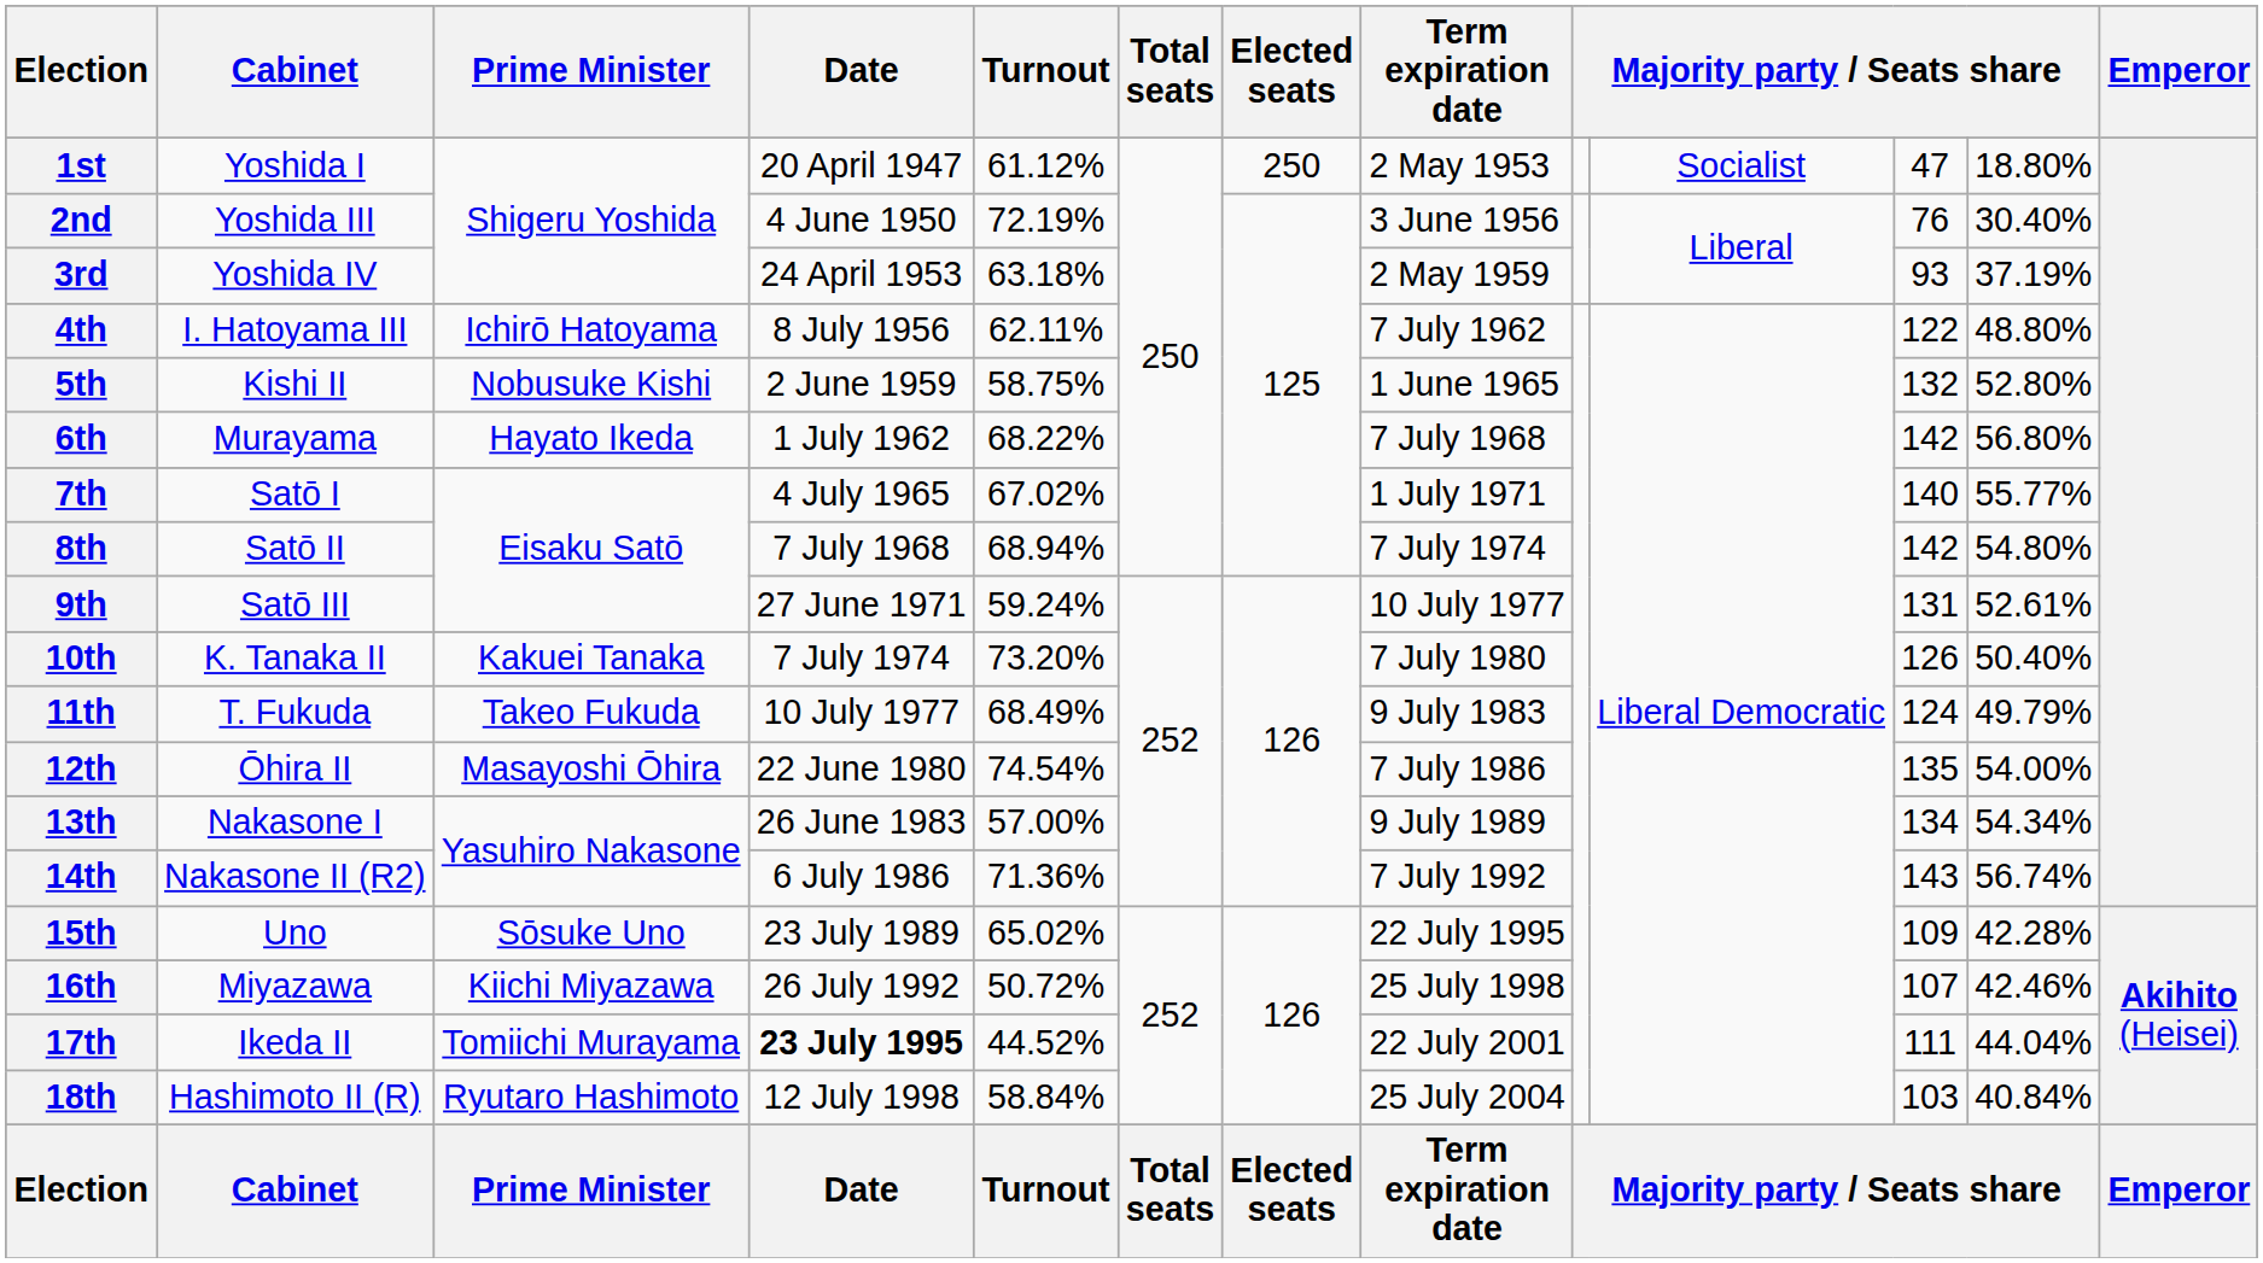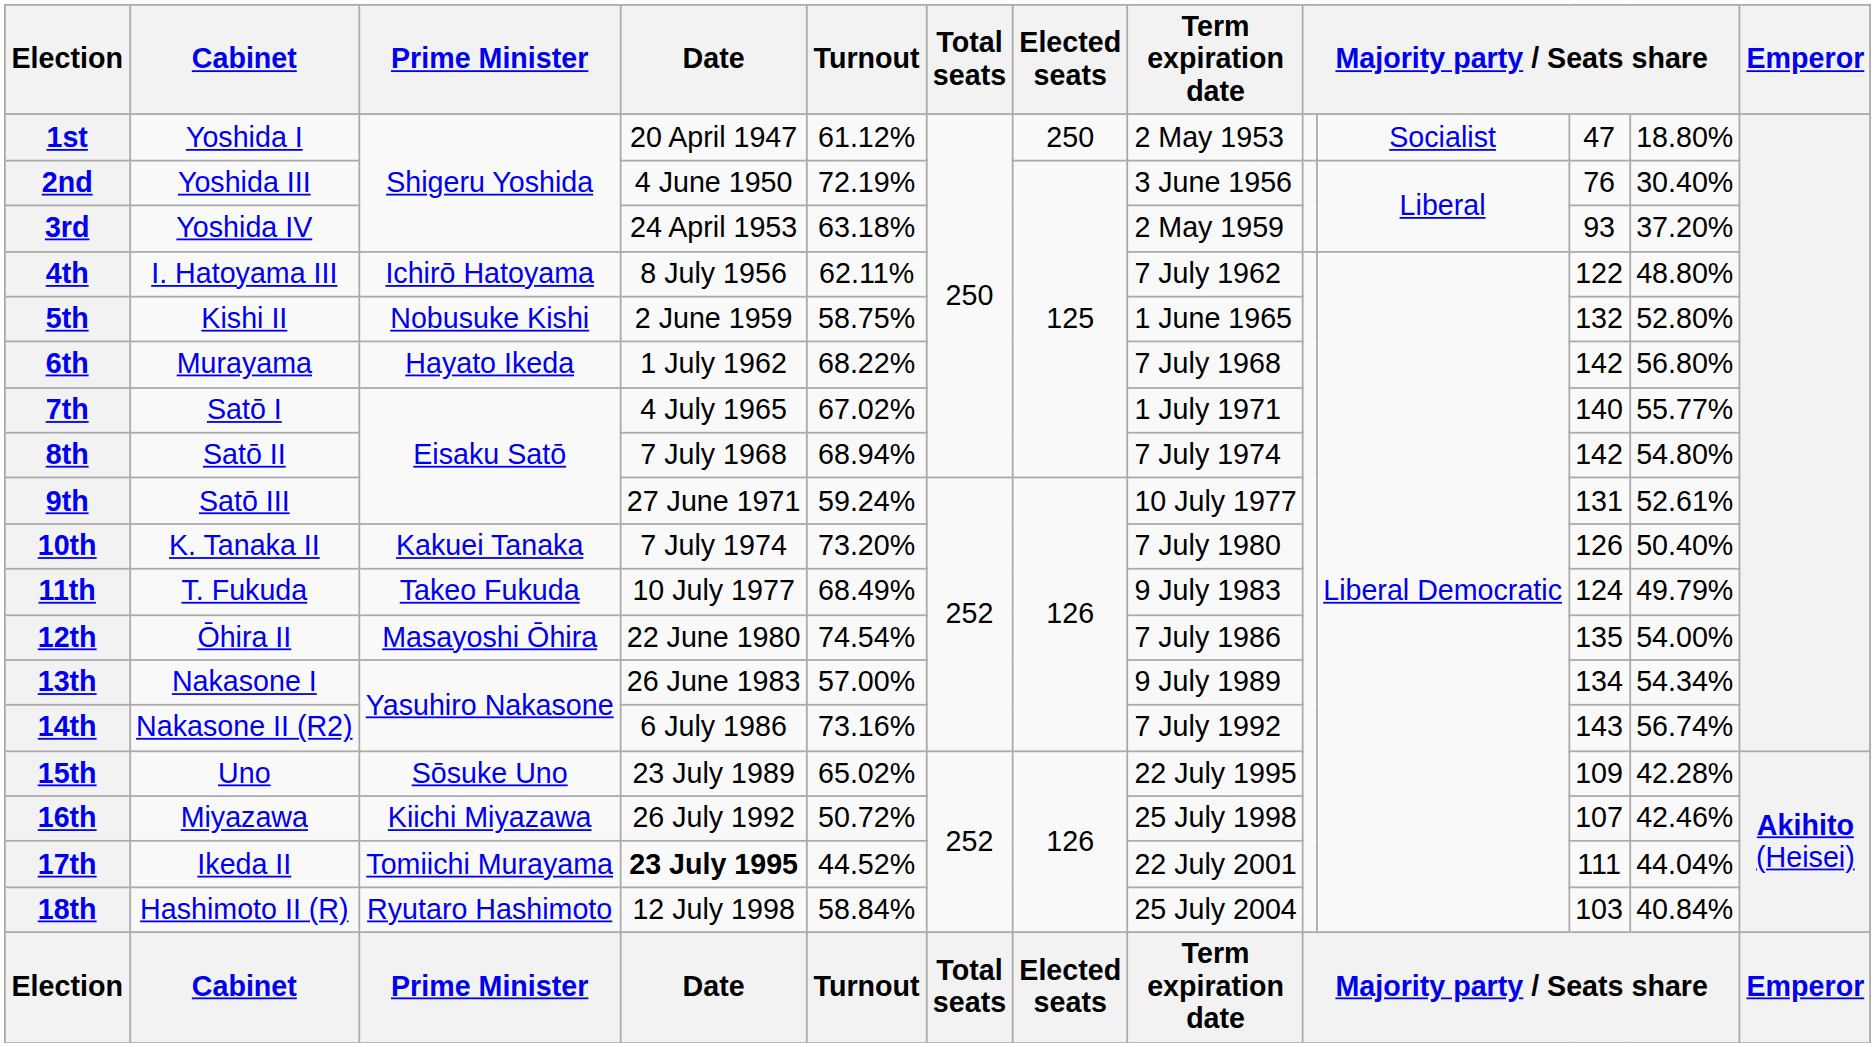 <table class="wikitable plainrowheaders" style="text-align:center">
 <tr>
 <th>Election</th>
 <th><a href='#'>Cabinet</a></th>
 <th><a href='#'>Prime Minister</a></th>
 <th>Date</th>
 <th>Turnout</th>
 <th>Total<br>seats</th>
 <th>Elected<br>seats</th>
 <th>Term<br>expiration<br>date</th>
 <th colspan=4><a href='#'>Majority party</a> / Seats share</th>
 <th><a href='#'>Emperor</a><br></th>
 </tr>
 <tr>
 <th><a href='#'>1st</a></th>
 <td><a href='#'>Yoshida I</a></td>
 <td rowspan=3><a href='#'>Shigeru Yoshida</a></td>
 <td>20 April 1947</td>
 <td>61.12%</td>
 <td rowspan="8">250</td>
 <td>250</td>
 <td style="text-align:left">2 May 1953</td>
 <td style="background-color: "></td>
 <td><a href='#'>Socialist</a></td>
 <td>47</td>
 <td>18.80%</td>
 <th rowspan=14 style="font-weight:normal"><strong></strong><br><div></div></th>
 </tr>
 <tr>
 <th><a href='#'>2nd</a></th>
 <td><a href='#'>Yoshida III</a></td>
 <td>4 June 1950</td>
 <td>72.19%</td>
 <td rowspan="7">125</td>
 <td style="text-align:left">3 June 1956</td>
 <td rowspan=2 style="background-color: "></td>
 <td rowspan=2><a href='#'>Liberal</a></td>
 <td>76</td>
 <td>30.40%</td>
 </tr>
 <tr>
 <th><a href='#'>3rd</a></th>
 <td><a href='#'>Yoshida IV</a></td>
 <td>24 April 1953</td>
 <td>63.18%</td>
 <td style="text-align:left">2 May 1959</td>
 <td>93</td>
-<td>37.19%</td>
+<td>37.20%</td>
 </tr>
 <tr>
 <th><a href='#'>4th</a></th>
 <td><a href='#'>I. Hatoyama III</a></td>
 <td><a href='#'>Ichirō Hatoyama</a></td>
 <td>8 July 1956</td>
 <td>62.11%</td>
 <td style="text-align:left">7 July 1962</td>
 <td rowspan=15 style="background-color: "></td>
 <td rowspan=15 style="white-space:nowrap"><a href='#'>Liberal Democratic</a></td>
 <td>122</td>
 <td>48.80%</td>
 </tr>
 <tr>
 <th><a href='#'>5th</a></th>
 <td><a href='#'>Kishi II</a></td>
 <td><a href='#'>Nobusuke Kishi</a></td>
 <td>2 June 1959</td>
 <td>58.75%</td>
 <td style="text-align:left">1 June 1965</td>
 <td>132</td>
 <td>52.80%</td>
 </tr>
 <tr>
 <th><a href='#'>6th</a></th>
 <td><a href='#'>Murayama</a></td>
 <td><a href='#'>Hayato Ikeda</a></td>
 <td>1 July 1962</td>
 <td>68.22%</td>
 <td style="text-align:left">7 July 1968</td>
 <td>142</td>
 <td>56.80%</td>
 </tr>
 <tr>
 <th><a href='#'>7th</a></th>
 <td><a href='#'>Satō I</a></td>
 <td rowspan=3><a href='#'>Eisaku Satō</a></td>
 <td>4 July 1965</td>
 <td>67.02%</td>
 <td style="text-align:left">1 July 1971</td>
 <td>140</td>
 <td>55.77%</td>
 </tr>
 <tr>
 <th><a href='#'>8th</a></th>
 <td><a href='#'>Satō II</a></td>
 <td>7 July 1968</td>
 <td>68.94%</td>
 <td style="text-align:left">7 July 1974</td>
 <td>142</td>
 <td>54.80%</td>
 </tr>
 <tr>
 <th><a href='#'>9th</a></th>
 <td><a href='#'>Satō III</a></td>
 <td>27 June 1971</td>
 <td>59.24%</td>
 <td rowspan="6">252</td>
 <td rowspan="6">126</td>
 <td style="text-align:left">10 July 1977</td>
 <td>131</td>
 <td>52.61%</td>
 </tr>
 <tr>
 <th><a href='#'>10th</a></th>
 <td><a href='#'>K. Tanaka II</a></td>
 <td><a href='#'>Kakuei Tanaka</a></td>
 <td>7 July 1974</td>
 <td>73.20%</td>
 <td style="text-align:left">7 July 1980</td>
 <td>126</td>
 <td>50.40%</td>
 </tr>
 <tr>
 <th><a href='#'>11th</a></th>
 <td><a href='#'>T. Fukuda</a></td>
 <td><a href='#'>Takeo Fukuda</a></td>
 <td>10 July 1977</td>
 <td>68.49%</td>
 <td style="text-align:left">9 July 1983</td>
 <td>124</td>
 <td>49.79%</td>
 </tr>
 <tr>
 <th><a href='#'>12th</a></th>
 <td><a href='#'>Ōhira II</a></td>
 <td><a href='#'>Masayoshi Ōhira</a></td>
 <td>22 June 1980</td>
 <td>74.54%</td>
 <td style="text-align:left">7 July 1986</td>
 <td>135</td>
 <td>54.00%</td>
 </tr>
 <tr>
 <th><a href='#'>13th</a></th>
 <td><a href='#'>Nakasone I</a></td>
 <td rowspan=2><a href='#'>Yasuhiro Nakasone</a></td>
 <td>26 June 1983</td>
 <td>57.00%</td>
 <td style="text-align:left">9 July 1989</td>
 <td>134</td>
 <td>54.34%</td>
 </tr>
 <tr>
 <th><a href='#'>14th</a></th>
 <td><a href='#'>Nakasone II (R2)</a></td>
 <td>6 July 1986</td>
-<td>71.36%</td>
+<td>73.16%</td>
 <td style="text-align:left">7 July 1992</td>
 <td>143</td>
 <td>56.74%</td>
 </tr>
 <tr>
 <th><a href='#'>15th</a></th>
 <td><a href='#'>Uno</a></td>
 <td><a href='#'>Sōsuke Uno</a></td>
 <td>23 July 1989</td>
 <td>65.02%</td>
 <td rowspan="4">252</td>
 <td rowspan="4">126</td>
 <td style="text-align:left">22 July 1995</td>
 <td>109</td>
 <td>42.28%</td>
 <th rowspan=4 style="font-weight:normal"><a href='#'><strong>Akihito</strong><br>(Heisei)</a><br><div></div></th>
 </tr>
 <tr>
 <th><a href='#'>16th</a></th>
 <td><a href='#'>Miyazawa</a></td>
 <td><a href='#'>Kiichi Miyazawa</a></td>
 <td>26 July 1992</td>
 <td>50.72%</td>
 <td style="text-align:left">25 July 1998</td>
 <td>107</td>
 <td>42.46%</td>
 </tr>
 <tr>
 <th><a href='#'>17th</a></th>
 <td><a href='#'>Ikeda II</a></td>
 <td><a href='#'>Tomiichi Murayama</a></td>
 <td><strong>23 July 1995</strong></td>
 <td>44.52%</td>
 <td style="text-align:left">22 July 2001</td>
 <td>111</td>
 <td>44.04%</td>
 </tr>
 <tr>
 <th><a href='#'>18th</a></th>
 <td><a href='#'>Hashimoto II (R)</a></td>
 <td><a href='#'>Ryutaro Hashimoto</a></td>
 <td>12 July 1998</td>
 <td>58.84%</td>
 <td style="text-align:left">25 July 2004</td>
 <td>103</td>
 <td>40.84%</td>
 </tr>
 <tr>
 <th>Election</th>
 <th><a href='#'>Cabinet</a></th>
 <th><a href='#'>Prime Minister</a></th>
 <th>Date</th>
 <th>Turnout</th>
 <th>Total<br>seats</th>
 <th>Elected<br>seats</th>
 <th>Term<br>expiration<br>date</th>
 <th colspan=4><a href='#'>Majority party</a> / Seats share</th>
 <th><a href='#'>Emperor</a><br></th>
 </tr>
 </table>
